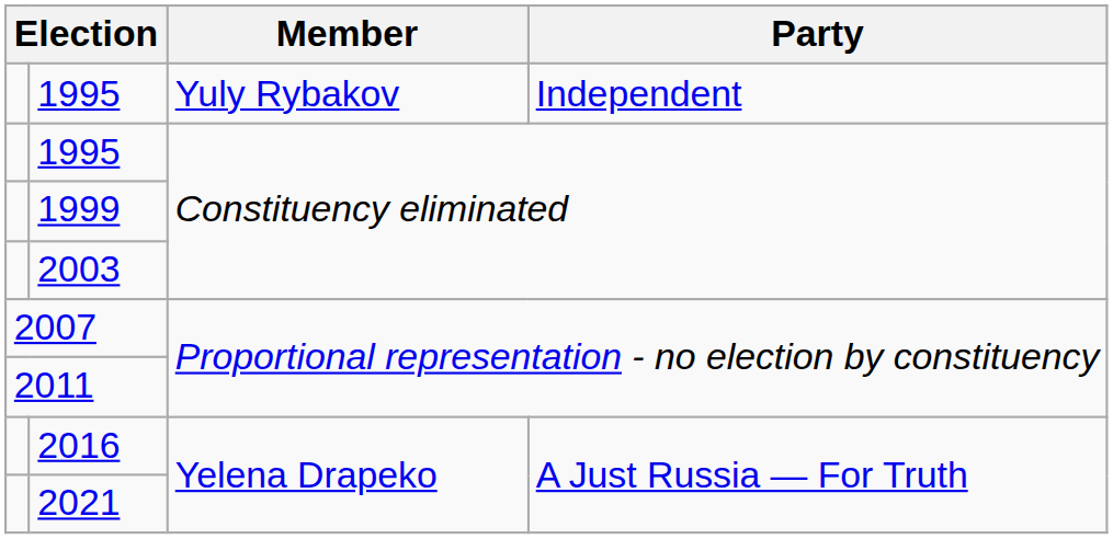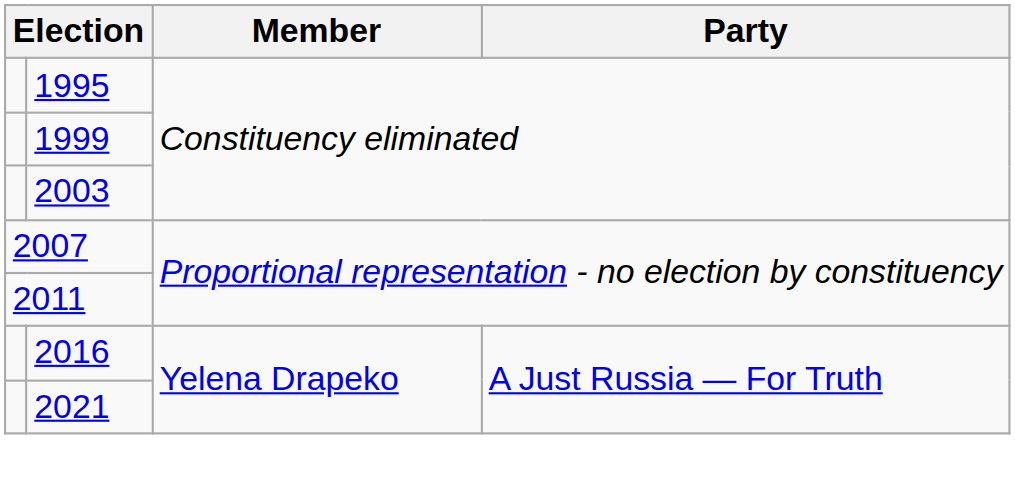 <table class="wikitable">
 <tr>
 <th colspan="2">Election</th>
 <th>Member</th>
 <th>Party</th>
-</tr>
-<tr>
-<td style="background-color:"></td>
-<td><a href='#'>1995</a></td>
-<td><a href='#'>Yuly Rybakov</a></td>
-<td><a href='#'>Independent</a></td>
 </tr>
 <tr>
 <td style="background-color:"></td>
 <td><a href='#'>1995</a></td>
 <td colspan=2 rowspan=3><em>Constituency eliminated</em></td>
 </tr>
 <tr>
 <td style="background-color:"></td>
 <td><a href='#'>1999</a></td>
 </tr>
 <tr>
 <td style="background-color:"></td>
 <td><a href='#'>2003</a></td>
 </tr>
 <tr>
 <td colspan=2><a href='#'>2007</a></td>
 <td colspan=2 rowspan=2><em><a href='#'>Proportional representation</a> - no election by constituency</em></td>
 </tr>
 <tr>
 <td colspan=2><a href='#'>2011</a></td>
 </tr>
 <tr>
 <td style="background-color: "></td>
 <td><a href='#'>2016</a></td>
 <td rowspan=2><a href='#'>Yelena Drapeko</a></td>
 <td rowspan=2><a href='#'>A Just Russia — For Truth</a></td>
 </tr>
 <tr>
 <td style="background-color: "></td>
 <td><a href='#'>2021</a></td>
 </tr>
 </table>
